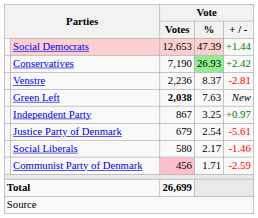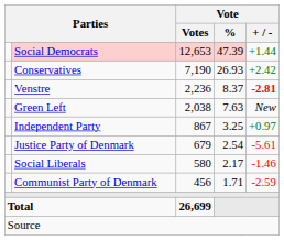 <table class="wikitable" style="text-align:right;">
 <tr>
 <th style="text-align:centre;" rowspan="2" colspan="2" width="225">Parties</th>
 <th colspan="3">Vote</th>
 </tr>
 <tr>
 <th width="15">Votes</th>
 <th width="15">%</th>
 <th width="15">+ / -</th>
 </tr>
 <tr>
 <td width="2" style="color:inherit;background:"></td>
 <td bgcolor=#fbd0ce  align="left"><a href='#'>Social Democrats</a></td>
 <td bgcolor=#fbd0ce>12,653</td>
 <td bgcolor=#fbd0ce>47.39</td>
 <td style=color:green;>+1.44</td>
 </tr>
 <tr>
 <td width="2" style="color:inherit;background:"></td>
 <td align="left"><a href='#'>Conservatives</a></td>
 <td>7,190</td>
-<td style="background: lightgreen;">26.93</td>
+<td>26.93</td>
 <td style=color:green;>+2.42</td>
 </tr>
 <tr>
 <td width="2" style="color:inherit;background:"></td>
 <td align="left"><a href='#'>Venstre</a></td>
 <td>2,236</td>
 <td>8.37</td>
-<td style=color:red;>-2.81</td>
+<td style=color:red;><strong>-2.81</strong></td>
 </tr>
 <tr>
 <td width="2" style="color:inherit;background:"></td>
 <td align="left"><a href='#'>Green Left</a></td>
-<td><strong>2,038</strong></td>
+<td>2,038</td>
 <td>7.63</td>
 <td><em>New</em></td>
 </tr>
 <tr>
 <td width="2" style="color:inherit;background:"></td>
 <td align="left"><a href='#'>Independent Party</a></td>
 <td>867</td>
 <td>3.25</td>
 <td style=color:green;>+0.97</td>
 </tr>
 <tr>
 <td width="2" style="color:inherit;background:"></td>
 <td align="left"><a href='#'>Justice Party of Denmark</a></td>
 <td>679</td>
 <td>2.54</td>
 <td style=color:red;>-5.61</td>
 </tr>
 <tr>
 <td width="2" style="color:inherit;background:"></td>
 <td align="left"><a href='#'>Social Liberals</a></td>
 <td>580</td>
 <td>2.17</td>
 <td style=color:red;>-1.46</td>
 </tr>
 <tr>
 <td width="2" style="color:inherit;background:"></td>
 <td align="left"><a href='#'>Communist Party of Denmark</a></td>
-<td style="background: pink;">456</td>
+<td>456</td>
 <td>1.71</td>
 <td style=color:red;>-2.59</td>
 </tr>
 <tr>
 <td colspan="7" bgcolor="#E9E9E9"></td>
 </tr>
 <tr>
 <td align="left" colspan="2"><strong>Total</strong></td>
 <td><strong>26,699</strong></td>
 <td bgcolor="#E9E9E9" colspan="2"></td>
 </tr>
 <tr>
 <td align="left" colspan="6">Source</td>
 </tr>
 </table>
